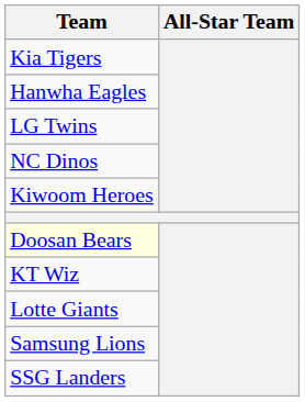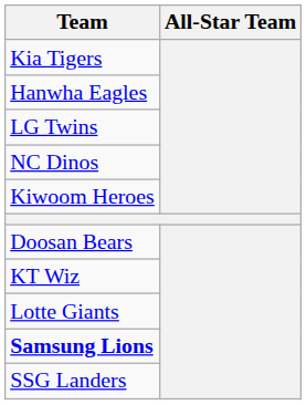 <table class="wikitable">
 <tr>
 <th>Team</th>
 <th>All-Star Team</th>
 </tr>
 <tr>
 <td><a href='#'>Kia Tigers</a></td>
 <th rowspan="5"></th>
 </tr>
 <tr>
 <td><a href='#'>Hanwha Eagles</a></td>
 </tr>
 <tr>
 <td><a href='#'>LG Twins</a></td>
 </tr>
 <tr>
 <td><a href='#'>NC Dinos</a></td>
 </tr>
 <tr>
 <td><a href='#'>Kiwoom Heroes</a></td>
 </tr>
 <tr>
 <th colspan="2"></th>
 </tr>
 <tr>
-<td style="background: lightyellow;"><a href='#'>Doosan Bears</a></td>
+<td><a href='#'>Doosan Bears</a></td>
 <th rowspan="5"></th>
 </tr>
 <tr>
 <td><a href='#'>KT Wiz</a></td>
 </tr>
 <tr>
 <td><a href='#'>Lotte Giants</a></td>
 </tr>
 <tr>
-<td><a href='#'>Samsung Lions</a></td>
+<td><strong><a href='#'>Samsung Lions</a></strong></td>
 </tr>
 <tr>
 <td><a href='#'>SSG Landers</a></td>
 </tr>
 </table>
